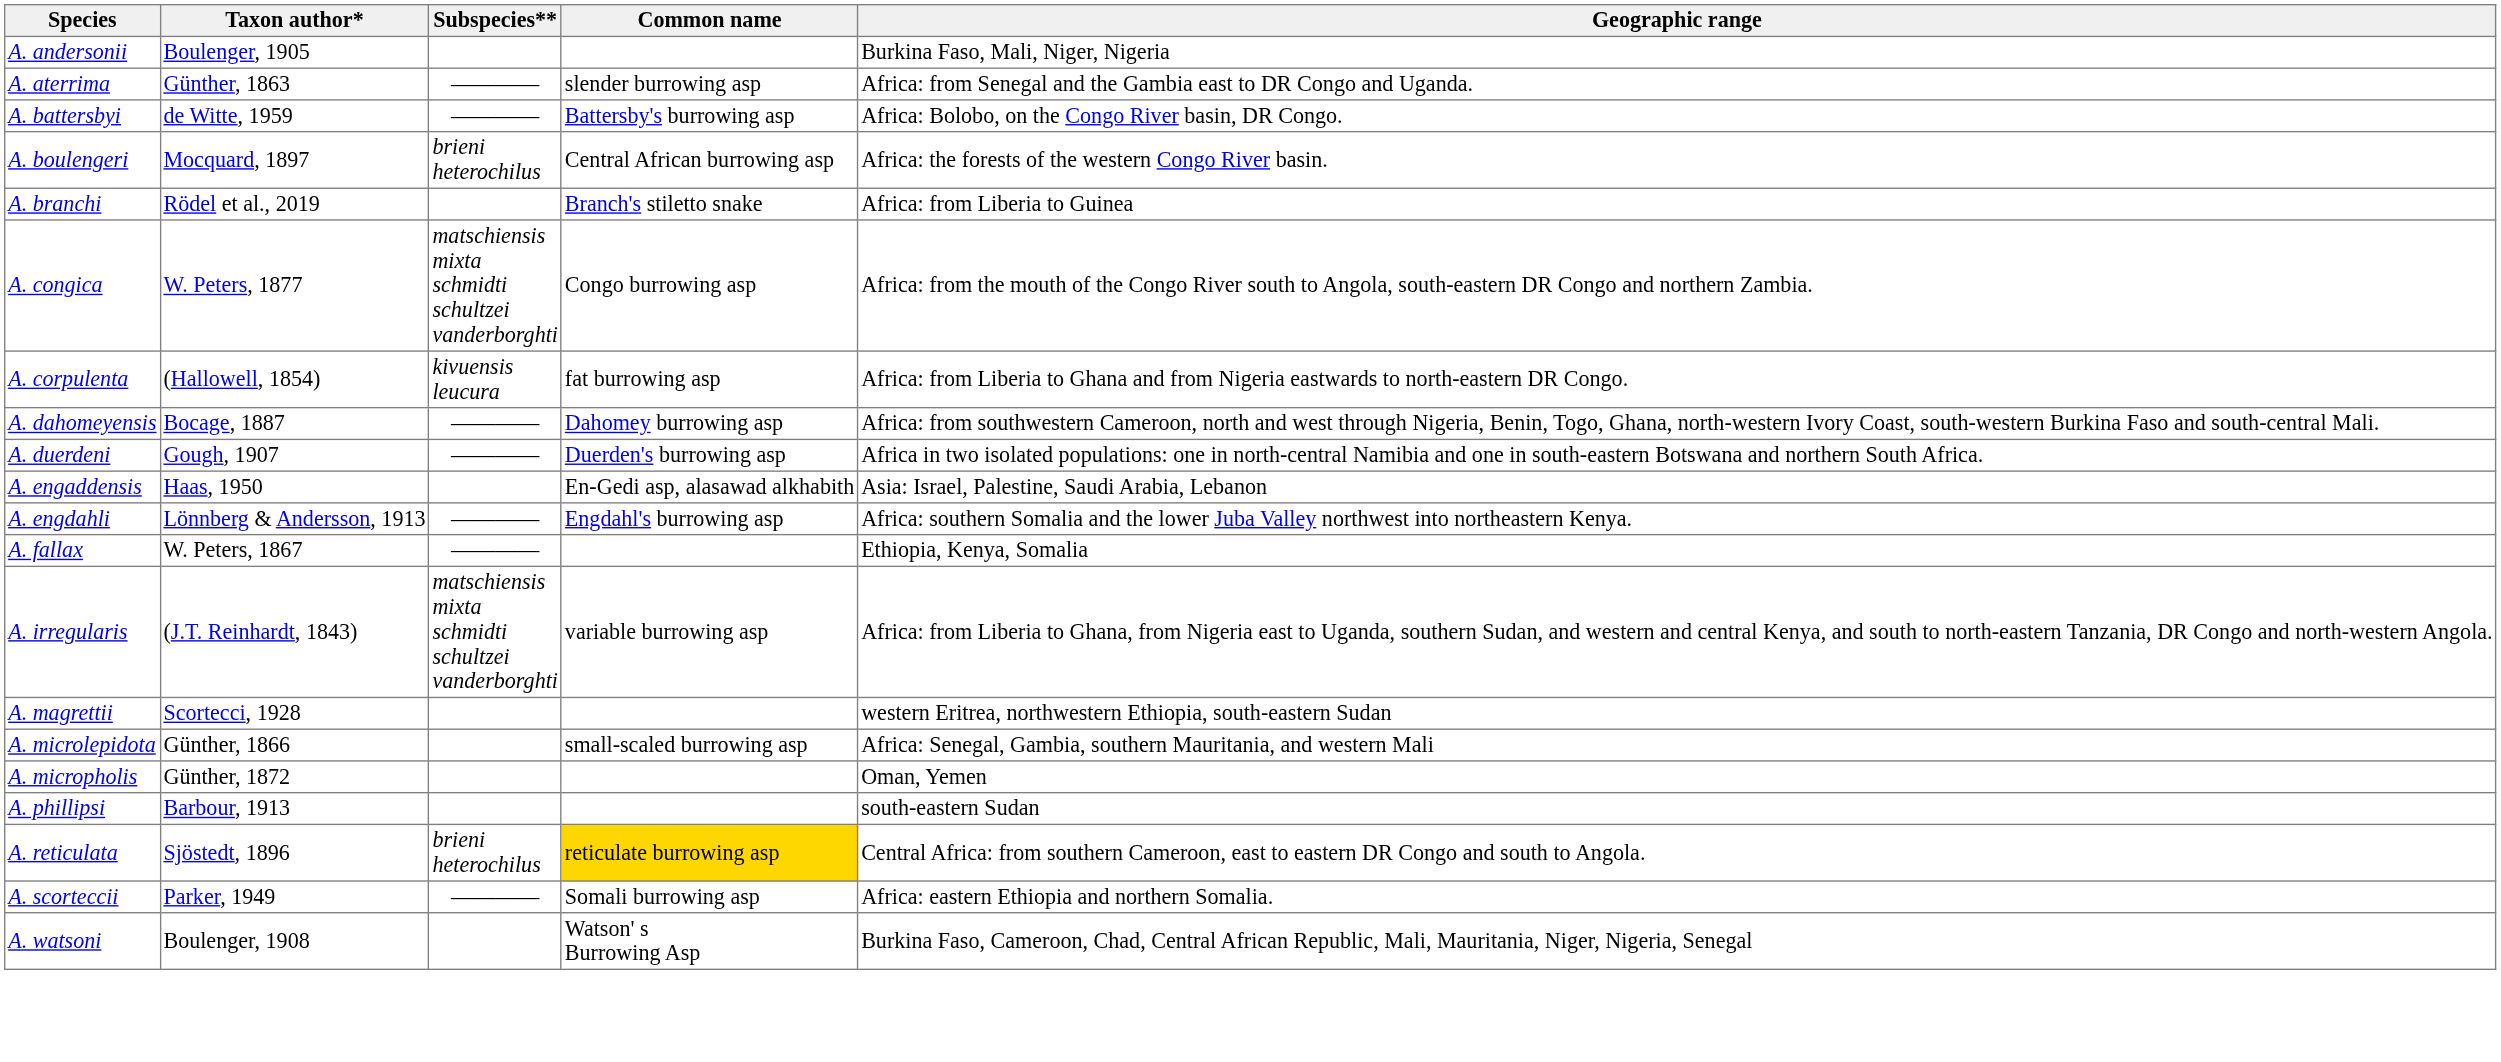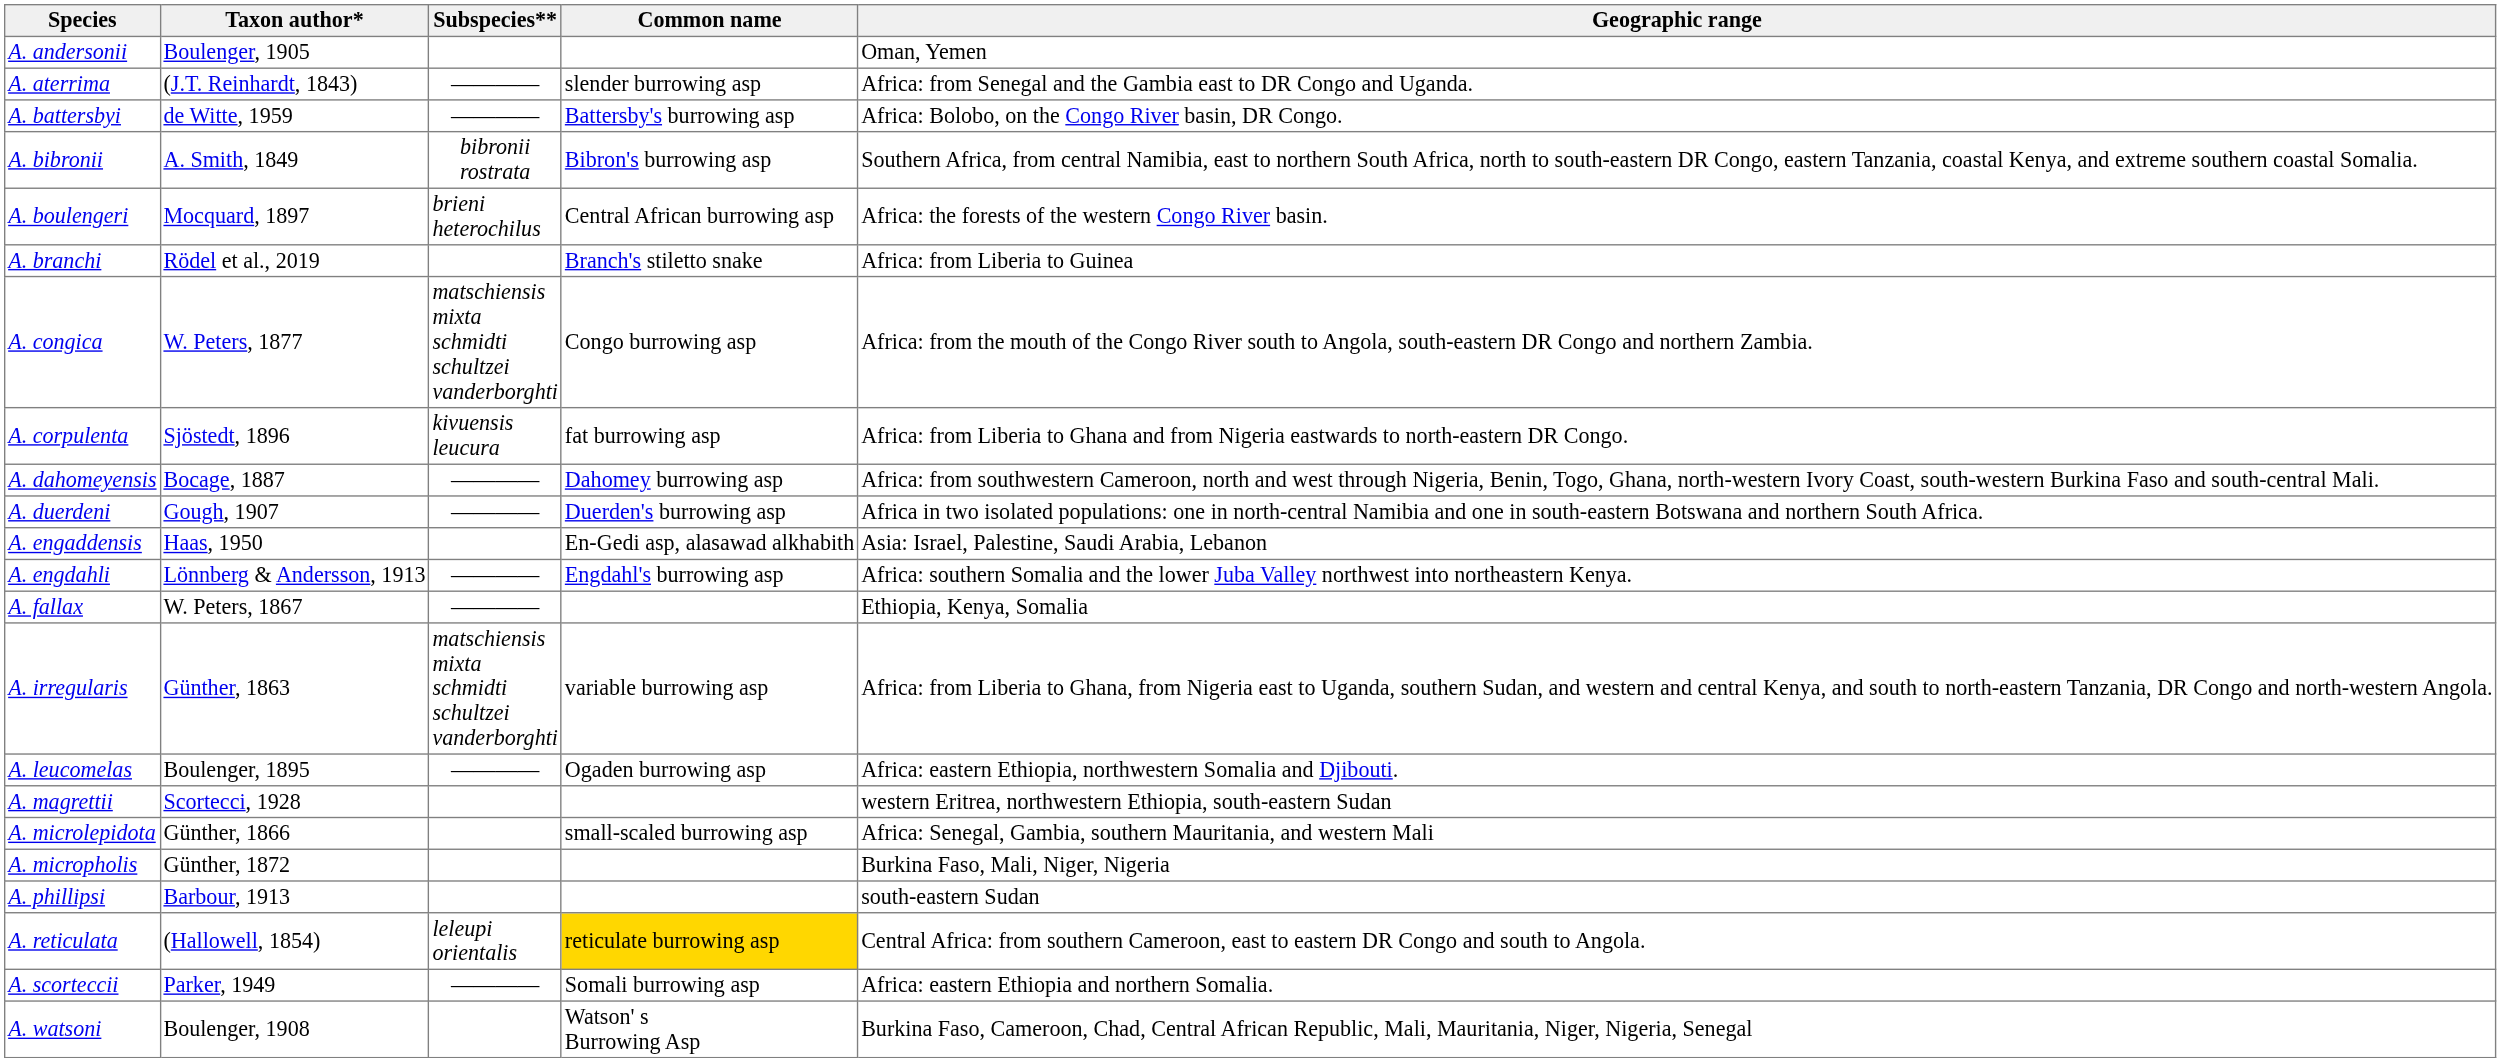 <table cellspacing=0 cellpadding=2 border=1 style="border-collapse: collapse;">
 <tr>
 <th bgcolor="#f0f0f0">Species</th>
 <th bgcolor="#f0f0f0">Taxon author*</th>
 <th bgcolor="#f0f0f0">Subspecies**</th>
 <th bgcolor="#f0f0f0">Common name</th>
 <th bgcolor="#f0f0f0">Geographic range</th>
 </tr>
 <tr>
 <td><em><a href='#'>A. andersonii</a></em></td>
 <td><a href='#'>Boulenger</a>, 1905</td>
 <td align="center"></td>
 <td></td>
-<td>Burkina Faso, Mali, Niger, Nigeria</td>
+<td>Oman, Yemen</td>
 </tr>
 <tr>
 <td><em><a href='#'>A. aterrima</a></em></td>
-<td><a href='#'>Günther</a>, 1863</td>
+<td>(<a href='#'>J.T. Reinhardt</a>, 1843)</td>
 <td align="center">————</td>
 <td>slender burrowing asp</td>
 <td>Africa: from Senegal and the Gambia east to DR Congo and Uganda.</td>
 </tr>
 <tr>
 <td><em><a href='#'>A. battersbyi</a></em></td>
 <td><a href='#'>de Witte</a>, 1959</td>
 <td align="center">————</td>
 <td><a href='#'>Battersby's</a> burrowing asp</td>
 <td>Africa: Bolobo, on the <a href='#'>Congo River</a> basin, DR Congo.</td>
+</tr>
+<tr>
+<td><em><a href='#'>A. bibronii</a></em></td>
+<td><a href='#'>A. Smith</a>, 1849</td>
+<td align="center"><em>bibronii</em><br><em>rostrata</em></td>
+<td><a href='#'>Bibron's</a> burrowing asp</td>
+<td>Southern Africa, from central Namibia, east to northern South Africa, north to south-eastern DR Congo, eastern Tanzania, coastal Kenya, and extreme southern coastal Somalia.</td>
 </tr>
 <tr>
 <td><em><a href='#'>A. boulengeri</a></em></td>
 <td><a href='#'>Mocquard</a>, 1897</td>
 <td><em>brieni</em> <br><em>heterochilus</em></td>
 <td>Central African burrowing asp</td>
 <td>Africa: the forests of the western <a href='#'>Congo River</a> basin.</td>
 </tr>
 <tr>
 <td><em><a href='#'>A. branchi</a></em></td>
 <td><a href='#'>Rödel</a> et al., 2019</td>
 <td></td>
 <td><a href='#'>Branch's</a> stiletto snake</td>
 <td>Africa: from Liberia to Guinea</td>
 </tr>
 <tr>
 <td><em><a href='#'>A. congica</a></em></td>
 <td><a href='#'>W. Peters</a>, 1877</td>
 <td><em>matschiensis</em> <br><em>mixta</em> <br><em>schmidti</em> <br><em>schultzei</em> <br><em>vanderborghti</em></td>
 <td>Congo burrowing asp</td>
 <td>Africa: from the mouth of the Congo River south to Angola, south-eastern DR Congo and northern Zambia.</td>
 </tr>
 <tr>
 <td><em><a href='#'>A. corpulenta</a></em></td>
-<td>(<a href='#'>Hallowell</a>, 1854)</td>
+<td><a href='#'>Sjöstedt</a>, 1896</td>
 <td><em>kivuensis</em> <br><em>leucura</em></td>
 <td>fat burrowing asp</td>
 <td>Africa: from Liberia to Ghana and from Nigeria eastwards to north-eastern DR Congo.</td>
 </tr>
 <tr>
 <td><em><a href='#'>A. dahomeyensis</a></em></td>
 <td><a href='#'>Bocage</a>, 1887</td>
 <td align="center">————</td>
 <td><a href='#'>Dahomey</a> burrowing asp</td>
 <td>Africa: from southwestern Cameroon, north and west through Nigeria, Benin, Togo, Ghana, north-western Ivory Coast, south-western Burkina Faso and south-central Mali.</td>
 </tr>
 <tr>
 <td><em><a href='#'>A. duerdeni</a></em></td>
 <td><a href='#'>Gough</a>, 1907</td>
 <td align="center">————</td>
 <td><a href='#'>Duerden's</a> burrowing asp</td>
 <td>Africa in two isolated populations: one in north-central Namibia and one in south-eastern Botswana and northern South Africa.</td>
 </tr>
 <tr>
 <td><em><a href='#'>A. engaddensis</a></em></td>
 <td><a href='#'>Haas</a>, 1950</td>
 <td></td>
 <td>En-Gedi asp, alasawad alkhabith</td>
 <td>Asia: Israel, Palestine,  Saudi Arabia, Lebanon</td>
 </tr>
 <tr>
 <td><em><a href='#'>A. engdahli</a></em></td>
 <td><a href='#'>Lönnberg</a> & <a href='#'>Andersson</a>, 1913</td>
 <td align="center">————</td>
 <td><a href='#'>Engdahl's</a> burrowing asp</td>
 <td>Africa: southern Somalia and the lower <a href='#'>Juba Valley</a> northwest into northeastern Kenya.</td>
 </tr>
 <tr>
 <td><em><a href='#'>A. fallax</a></em></td>
 <td>W. Peters, 1867</td>
 <td align="center">————</td>
 <td></td>
 <td>Ethiopia, Kenya, Somalia</td>
 </tr>
 <tr>
 <td><em><a href='#'>A. irregularis</a></em></td>
-<td>(<a href='#'>J.T. Reinhardt</a>, 1843)</td>
+<td><a href='#'>Günther</a>, 1863</td>
 <td><em>matschiensis</em> <br><em>mixta</em> <br><em>schmidti</em> <br><em>schultzei</em> <br><em>vanderborghti</em></td>
 <td>variable burrowing asp</td>
 <td>Africa: from Liberia to Ghana, from Nigeria east to Uganda, southern Sudan, and western and central Kenya, and south to north-eastern Tanzania, DR Congo and north-western Angola.</td>
+</tr>
+<tr>
+<td><em><a href='#'>A. leucomelas</a></em></td>
+<td>Boulenger, 1895</td>
+<td align="center">————</td>
+<td>Ogaden burrowing asp</td>
+<td>Africa: eastern Ethiopia, northwestern Somalia and <a href='#'>Djibouti</a>.</td>
 </tr>
 <tr>
 <td><em><a href='#'>A. magrettii</a></em></td>
 <td><a href='#'>Scortecci</a>, 1928</td>
 <td></td>
 <td></td>
 <td>western Eritrea, northwestern Ethiopia, south-eastern Sudan</td>
 </tr>
 <tr>
 <td><em><a href='#'>A. microlepidota</a></em></td>
 <td>Günther, 1866</td>
 <td></td>
 <td>small-scaled burrowing asp</td>
 <td>Africa: Senegal, Gambia, southern Mauritania, and western Mali</td>
 </tr>
 <tr>
 <td><em><a href='#'>A. micropholis</a></em></td>
 <td>Günther, 1872</td>
 <td></td>
 <td></td>
-<td>Oman, Yemen</td>
+<td>Burkina Faso, Mali, Niger, Nigeria</td>
 </tr>
 <tr>
 <td><em><a href='#'>A. phillipsi</a></em></td>
 <td><a href='#'>Barbour</a>, 1913</td>
 <td></td>
 <td></td>
 <td>south-eastern Sudan</td>
 </tr>
 <tr>
 <td><em><a href='#'>A. reticulata</a></em></td>
-<td><a href='#'>Sjöstedt</a>, 1896</td>
-<td><em>brieni</em> <br><em>heterochilus</em></td>
+<td>(<a href='#'>Hallowell</a>, 1854)</td>
+<td><em>leleupi</em> <br><em>orientalis</em></td>
 <td style="background: gold;">reticulate burrowing asp</td>
 <td>Central Africa: from southern Cameroon, east to eastern DR Congo and south to Angola.</td>
 </tr>
 <tr>
 <td><em><a href='#'>A. scorteccii</a></em></td>
 <td><a href='#'>Parker</a>, 1949</td>
 <td align="center">————</td>
 <td>Somali burrowing asp</td>
 <td>Africa: eastern Ethiopia and northern Somalia.</td>
 </tr>
 <tr>
 <td><em><a href='#'>A. watsoni</a></em></td>
 <td>Boulenger, 1908</td>
 <td></td>
 <td>Watson' s<br>Burrowing Asp</td>
 <td>Burkina Faso, Cameroon, Chad, Central African Republic, Mali, Mauritania, Niger, Nigeria, Senegal</td>
 </tr>
 </table>
